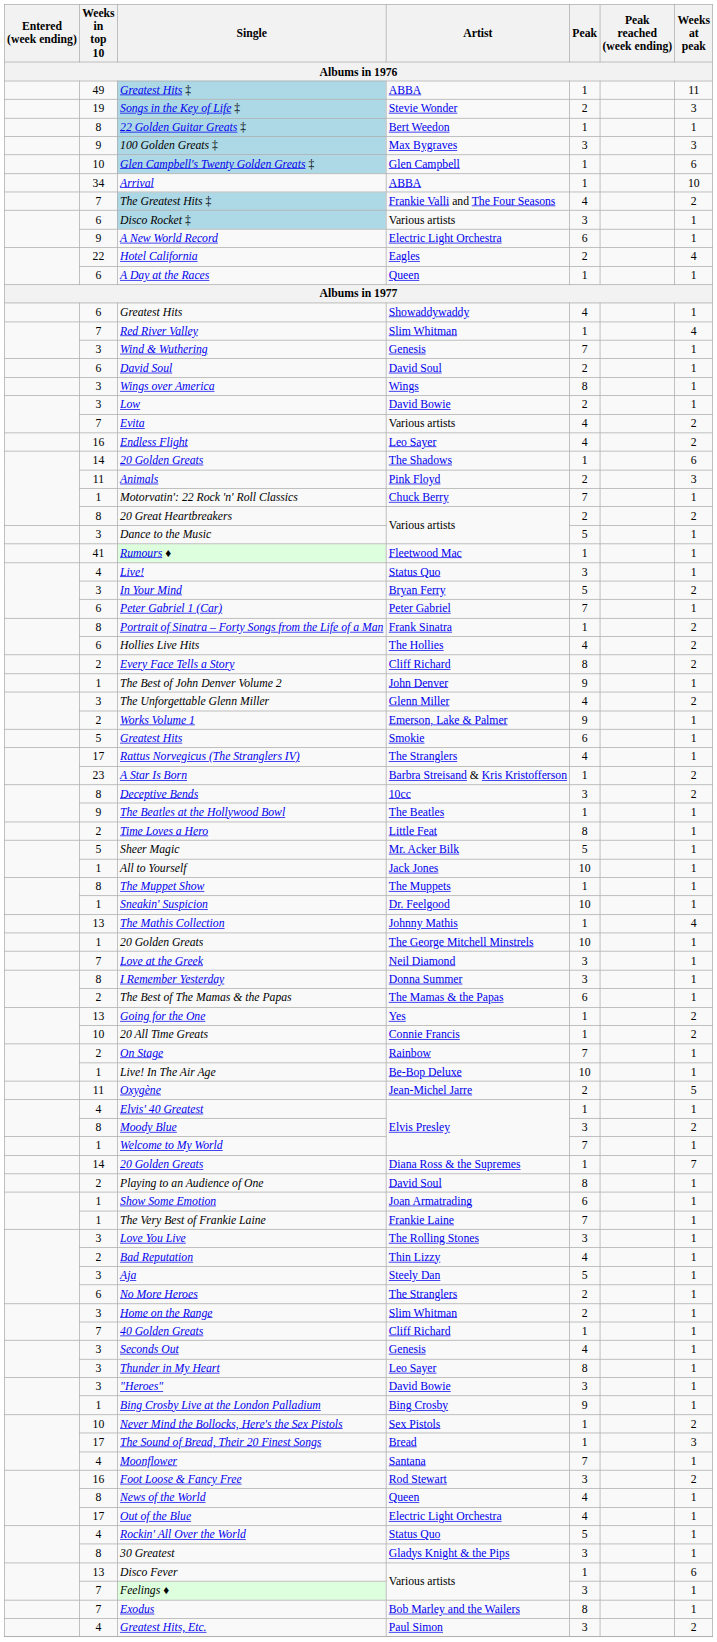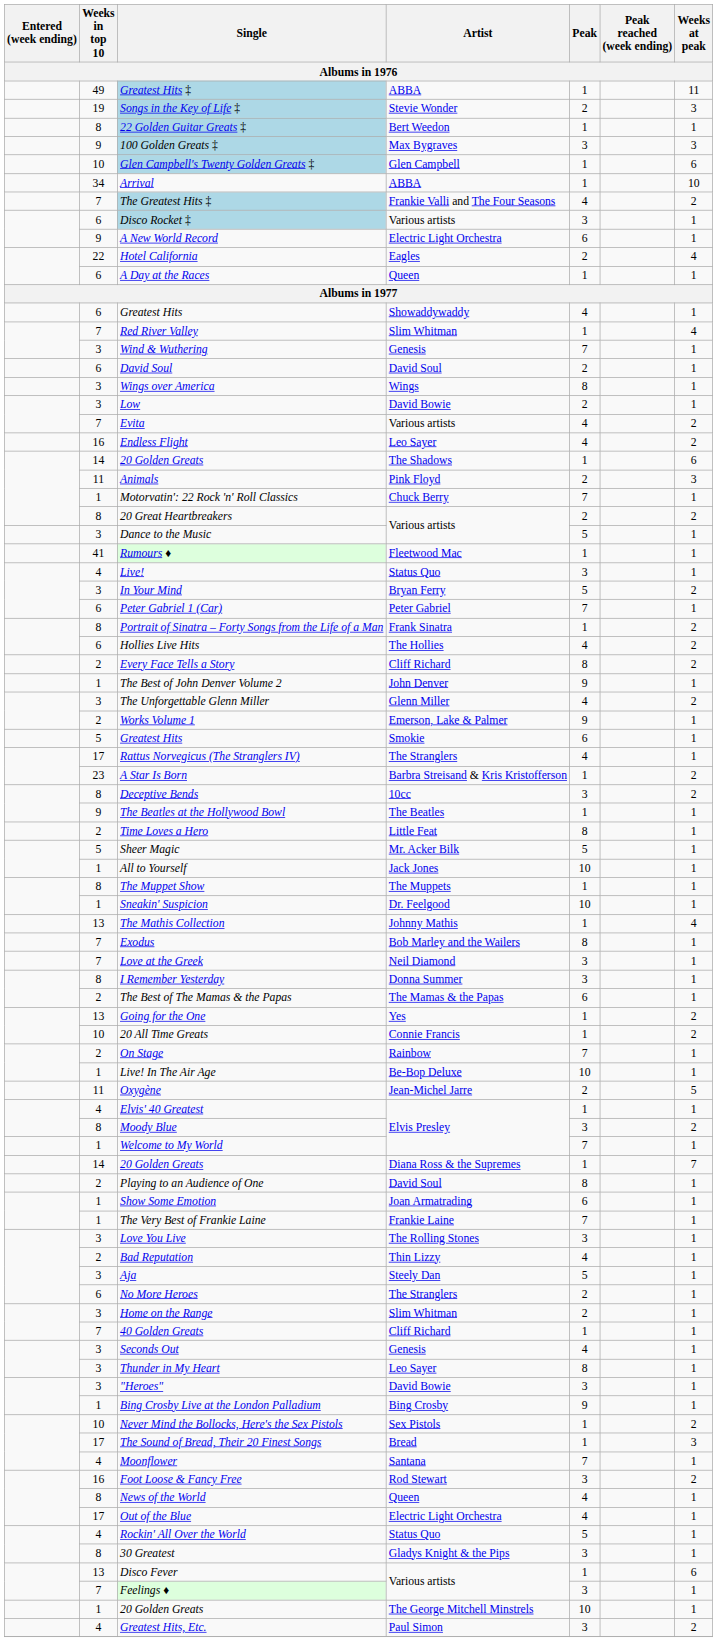 <table class="wikitable sortable" style="text-align:center;">
 <tr>
 <th>Entered <br>(week ending)</th>
 <th data-sort-type="number">Weeks<br>in<br>top<br>10</th>
 <th>Single</th>
 <th>Artist</th>
 <th data-sort-type="number">Peak</th>
 <th>Peak<br>reached <br>(week ending)</th>
 <th data-sort-type="number">Weeks<br>at<br>peak</th>
 </tr>
 <tr>
 <th colspan="7">Albums in 1976</th>
 </tr>
 <tr>
 <td></td>
 <td>49</td>
 <td align="left" bgcolor=lightblue><em><a href='#'>Greatest Hits</a></em> ‡</td>
 <td align="left"><a href='#'>ABBA</a></td>
 <td>1</td>
 <td></td>
 <td>11</td>
 </tr>
 <tr>
 <td></td>
 <td>19</td>
 <td align="left" bgcolor=lightblue><em><a href='#'>Songs in the Key of Life</a></em> ‡</td>
 <td align="left"><a href='#'>Stevie Wonder</a></td>
 <td>2</td>
 <td></td>
 <td>3</td>
 </tr>
 <tr>
 <td></td>
 <td>8</td>
 <td align="left" bgcolor=lightblue><em><a href='#'>22 Golden Guitar Greats</a></em> ‡</td>
 <td align="left"><a href='#'>Bert Weedon</a></td>
 <td>1</td>
 <td></td>
 <td>1</td>
 </tr>
 <tr>
 <td></td>
 <td>9</td>
 <td align="left" bgcolor=lightblue><em>100 Golden Greats</em> ‡</td>
 <td align="left"><a href='#'>Max Bygraves</a></td>
 <td>3</td>
 <td></td>
 <td>3</td>
 </tr>
 <tr>
 <td></td>
 <td>10</td>
 <td align="left" bgcolor=lightblue><em><a href='#'>Glen Campbell's Twenty Golden Greats</a></em> ‡</td>
 <td align="left"><a href='#'>Glen Campbell</a></td>
 <td>1</td>
 <td></td>
 <td>6</td>
 </tr>
 <tr>
 <td></td>
 <td>34</td>
 <td align="left"><em><a href='#'>Arrival</a></em></td>
 <td align="left"><a href='#'>ABBA</a></td>
 <td>1</td>
 <td></td>
 <td>10</td>
 </tr>
 <tr>
 <td></td>
 <td>7</td>
 <td align="left" bgcolor=lightblue><em>The Greatest Hits</em> ‡</td>
 <td align="left"><a href='#'>Frankie Valli</a> and <a href='#'>The Four Seasons</a></td>
 <td>4</td>
 <td></td>
 <td>2</td>
 </tr>
 <tr>
 <td rowspan="2"></td>
 <td>6</td>
 <td align="left" bgcolor=lightblue><em>Disco Rocket</em> ‡</td>
 <td align="left">Various artists</td>
 <td>3</td>
 <td></td>
 <td>1</td>
 </tr>
 <tr>
 <td>9</td>
 <td align="left"><em><a href='#'>A New World Record</a></em></td>
 <td align="left"><a href='#'>Electric Light Orchestra</a></td>
 <td>6</td>
 <td></td>
 <td>1</td>
 </tr>
 <tr>
 <td rowspan="2"></td>
 <td>22</td>
 <td align="left"><em><a href='#'>Hotel California</a></em></td>
 <td align="left"><a href='#'>Eagles</a></td>
 <td>2</td>
 <td></td>
 <td>4</td>
 </tr>
 <tr>
 <td>6</td>
 <td align="left"><em><a href='#'>A Day at the Races</a></em></td>
 <td align="left"><a href='#'>Queen</a></td>
 <td>1</td>
 <td></td>
 <td>1</td>
 </tr>
 <tr>
 <th colspan="7">Albums in 1977</th>
 </tr>
 <tr>
 <td></td>
 <td>6</td>
 <td align="left"><em>Greatest Hits</em></td>
 <td align="left"><a href='#'>Showaddywaddy</a></td>
 <td>4</td>
 <td></td>
 <td>1</td>
 </tr>
 <tr>
 <td rowspan="2"></td>
 <td>7</td>
 <td align="left"><em><a href='#'>Red River Valley</a></em></td>
 <td align="left"><a href='#'>Slim Whitman</a></td>
 <td>1</td>
 <td></td>
 <td>4</td>
 </tr>
 <tr>
 <td>3</td>
 <td align="left"><em><a href='#'>Wind & Wuthering</a></em></td>
 <td align="left"><a href='#'>Genesis</a></td>
 <td>7</td>
 <td></td>
 <td>1</td>
 </tr>
 <tr>
 <td></td>
 <td>6</td>
 <td align="left"><em><a href='#'>David Soul</a></em></td>
 <td align="left"><a href='#'>David Soul</a></td>
 <td>2</td>
 <td></td>
 <td>1</td>
 </tr>
 <tr>
 <td></td>
 <td>3</td>
 <td align="left"><em><a href='#'>Wings over America</a></em></td>
 <td align="left"><a href='#'>Wings</a></td>
 <td>8</td>
 <td></td>
 <td>1</td>
 </tr>
 <tr>
 <td rowspan="2"></td>
 <td>3</td>
 <td align="left"><em><a href='#'>Low</a></em></td>
 <td align="left"><a href='#'>David Bowie</a></td>
 <td>2</td>
 <td></td>
 <td>1</td>
 </tr>
 <tr>
 <td>7</td>
 <td align="left"><em><a href='#'>Evita</a></em></td>
 <td align="left">Various artists</td>
 <td>4</td>
 <td></td>
 <td>2</td>
 </tr>
 <tr>
 <td></td>
 <td>16</td>
 <td align="left"><em><a href='#'>Endless Flight</a></em></td>
 <td align="left"><a href='#'>Leo Sayer</a></td>
 <td>4</td>
 <td></td>
 <td>2</td>
 </tr>
 <tr>
 <td rowspan="4"></td>
 <td>14</td>
 <td align="left"><em><a href='#'>20 Golden Greats</a></em></td>
 <td align="left"><a href='#'>The Shadows</a></td>
 <td>1</td>
 <td></td>
 <td>6</td>
 </tr>
 <tr>
 <td>11</td>
 <td align="left"><em><a href='#'>Animals</a></em></td>
 <td align="left"><a href='#'>Pink Floyd</a></td>
 <td>2</td>
 <td></td>
 <td>3</td>
 </tr>
 <tr>
 <td>1</td>
 <td align="left"><em>Motorvatin': 22 Rock 'n' Roll Classics</em></td>
 <td align="left"><a href='#'>Chuck Berry</a></td>
 <td>7</td>
 <td></td>
 <td>1</td>
 </tr>
 <tr>
 <td>8</td>
 <td align="left"><em>20 Great Heartbreakers</em></td>
 <td align="left" rowspan="2">Various artists</td>
 <td>2</td>
 <td></td>
 <td>2</td>
 </tr>
 <tr>
 <td></td>
 <td>3</td>
 <td align="left"><em>Dance to the Music</em></td>
 <td>5</td>
 <td></td>
 <td>1</td>
 </tr>
 <tr>
 <td></td>
 <td>41</td>
 <td align="left" bgcolor=#DDFFDD><em><a href='#'>Rumours</a></em> ♦</td>
 <td align="left"><a href='#'>Fleetwood Mac</a></td>
 <td>1</td>
 <td></td>
 <td>1</td>
 </tr>
 <tr>
 <td rowspan="3"></td>
 <td>4</td>
 <td align="left"><em><a href='#'>Live!</a></em></td>
 <td align="left"><a href='#'>Status Quo</a></td>
 <td>3</td>
 <td></td>
 <td>1</td>
 </tr>
 <tr>
 <td>3</td>
 <td align="left"><em><a href='#'>In Your Mind</a></em></td>
 <td align="left"><a href='#'>Bryan Ferry</a></td>
 <td>5</td>
 <td></td>
 <td>2</td>
 </tr>
 <tr>
 <td>6</td>
 <td align="left"><em><a href='#'>Peter Gabriel 1 (Car)</a></em></td>
 <td align="left"><a href='#'>Peter Gabriel</a></td>
 <td>7</td>
 <td></td>
 <td>1</td>
 </tr>
 <tr>
 <td rowspan="2"></td>
 <td>8</td>
 <td align="left"><em><a href='#'>Portrait of Sinatra – Forty Songs from the Life of a Man</a></em></td>
 <td align="left"><a href='#'>Frank Sinatra</a></td>
 <td>1</td>
 <td></td>
 <td>2</td>
 </tr>
 <tr>
 <td>6</td>
 <td align="left"><em>Hollies Live Hits</em></td>
 <td align="left"><a href='#'>The Hollies</a></td>
 <td>4</td>
 <td></td>
 <td>2</td>
 </tr>
 <tr>
 <td></td>
 <td>2</td>
 <td align="left"><em><a href='#'>Every Face Tells a Story</a></em></td>
 <td align="left"><a href='#'>Cliff Richard</a></td>
 <td>8</td>
 <td></td>
 <td>2</td>
 </tr>
 <tr>
 <td></td>
 <td>1</td>
 <td align="left"><em>The Best of John Denver Volume 2</em></td>
 <td align="left"><a href='#'>John Denver</a></td>
 <td>9</td>
 <td></td>
 <td>1</td>
 </tr>
 <tr>
 <td rowspan="2"></td>
 <td>3</td>
 <td align="left"><em>The Unforgettable Glenn Miller</em></td>
 <td align="left"><a href='#'>Glenn Miller</a></td>
 <td>4</td>
 <td></td>
 <td>2</td>
 </tr>
 <tr>
 <td>2</td>
 <td align="left"><em><a href='#'>Works Volume 1</a></em></td>
 <td align="left"><a href='#'>Emerson, Lake & Palmer</a></td>
 <td>9</td>
 <td></td>
 <td>1</td>
 </tr>
 <tr>
 <td></td>
 <td>5</td>
 <td align="left"><em><a href='#'>Greatest Hits</a></em></td>
 <td align="left"><a href='#'>Smokie</a></td>
 <td>6</td>
 <td></td>
 <td>1</td>
 </tr>
 <tr>
 <td rowspan="2"></td>
 <td>17</td>
 <td align="left"><em><a href='#'>Rattus Norvegicus (The Stranglers IV)</a></em></td>
 <td align="left"><a href='#'>The Stranglers</a></td>
 <td>4</td>
 <td></td>
 <td>1</td>
 </tr>
 <tr>
 <td>23</td>
 <td align="left"><em><a href='#'>A Star Is Born</a></em></td>
 <td align="left"><a href='#'>Barbra Streisand</a> & <a href='#'>Kris Kristofferson</a></td>
 <td>1</td>
 <td></td>
 <td>2</td>
 </tr>
 <tr>
 <td rowspan="2"></td>
 <td>8</td>
 <td align="left"><em><a href='#'>Deceptive Bends</a></em></td>
 <td align="left"><a href='#'>10cc</a></td>
 <td>3</td>
 <td></td>
 <td>2</td>
 </tr>
 <tr>
 <td>9</td>
 <td align="left"><em><a href='#'>The Beatles at the Hollywood Bowl</a></em></td>
 <td align="left"><a href='#'>The Beatles</a></td>
 <td>1</td>
 <td></td>
 <td>1</td>
 </tr>
 <tr>
 <td></td>
 <td>2</td>
 <td align="left"><em><a href='#'>Time Loves a Hero</a></em></td>
 <td align="left"><a href='#'>Little Feat</a></td>
 <td>8</td>
 <td></td>
 <td>1</td>
 </tr>
 <tr>
 <td rowspan="2"></td>
 <td>5</td>
 <td align="left"><em>Sheer Magic</em></td>
 <td align="left"><a href='#'>Mr. Acker Bilk</a></td>
 <td>5</td>
 <td></td>
 <td>1</td>
 </tr>
 <tr>
 <td>1</td>
 <td align="left"><em>All to Yourself</em></td>
 <td align="left"><a href='#'>Jack Jones</a></td>
 <td>10</td>
 <td></td>
 <td>1</td>
 </tr>
 <tr>
 <td rowspan="2"></td>
 <td>8</td>
 <td align="left"><em><a href='#'>The Muppet Show</a></em></td>
 <td align="left"><a href='#'>The Muppets</a></td>
 <td>1</td>
 <td></td>
 <td>1</td>
 </tr>
 <tr>
 <td>1</td>
 <td align="left"><em><a href='#'>Sneakin' Suspicion</a></em></td>
 <td align="left"><a href='#'>Dr. Feelgood</a></td>
 <td>10</td>
 <td></td>
 <td>1</td>
 </tr>
 <tr>
 <td></td>
 <td>13</td>
 <td align="left"><em><a href='#'>The Mathis Collection</a></em></td>
 <td align="left"><a href='#'>Johnny Mathis</a></td>
 <td>1</td>
 <td></td>
 <td>4</td>
 </tr>
 <tr>
 <td></td>
-<td>1</td>
-<td align="left"><em>20 Golden Greats</em></td>
-<td align="left"><a href='#'>The George Mitchell Minstrels</a></td>
-<td>10</td>
+<td>7</td>
+<td align="left"><em><a href='#'>Exodus</a></em></td>
+<td align="left"><a href='#'>Bob Marley and the Wailers</a></td>
+<td>8</td>
 <td></td>
 <td>1</td>
 </tr>
 <tr>
 <td></td>
 <td>7</td>
 <td align="left"><em><a href='#'>Love at the Greek</a></em></td>
 <td align="left"><a href='#'>Neil Diamond</a></td>
 <td>3</td>
 <td></td>
 <td>1</td>
 </tr>
 <tr>
 <td rowspan="2"></td>
 <td>8</td>
 <td align="left"><em><a href='#'>I Remember Yesterday</a></em></td>
 <td align="left"><a href='#'>Donna Summer</a></td>
 <td>3</td>
 <td></td>
 <td>1</td>
 </tr>
 <tr>
 <td>2</td>
 <td align="left"><em>The Best of The Mamas & the Papas</em></td>
 <td align="left"><a href='#'>The Mamas & the Papas</a></td>
 <td>6</td>
 <td></td>
 <td>1</td>
 </tr>
 <tr>
 <td rowspan="2"></td>
 <td>13</td>
 <td align="left"><em><a href='#'>Going for the One</a></em></td>
 <td align="left"><a href='#'>Yes</a></td>
 <td>1</td>
 <td></td>
 <td>2</td>
 </tr>
 <tr>
 <td>10</td>
 <td align="left"><em>20 All Time Greats</em></td>
 <td align="left"><a href='#'>Connie Francis</a></td>
 <td>1</td>
 <td></td>
 <td>2</td>
 </tr>
 <tr>
 <td rowspan="2"></td>
 <td>2</td>
 <td align="left"><em><a href='#'>On Stage</a></em></td>
 <td align="left"><a href='#'>Rainbow</a></td>
 <td>7</td>
 <td></td>
 <td>1</td>
 </tr>
 <tr>
 <td>1</td>
 <td align="left"><em>Live! In The Air Age</em></td>
 <td align="left"><a href='#'>Be-Bop Deluxe</a></td>
 <td>10</td>
 <td></td>
 <td>1</td>
 </tr>
 <tr>
 <td></td>
 <td>11</td>
 <td align="left"><em><a href='#'>Oxygène</a></em></td>
 <td align="left"><a href='#'>Jean-Michel Jarre</a></td>
 <td>2</td>
 <td></td>
 <td>5</td>
 </tr>
 <tr>
 <td rowspan="2"></td>
 <td>4</td>
 <td align="left"><em><a href='#'>Elvis' 40 Greatest</a></em></td>
 <td align="left" rowspan="3"><a href='#'>Elvis Presley</a></td>
 <td>1</td>
 <td></td>
 <td>1</td>
 </tr>
 <tr>
 <td>8</td>
 <td align="left"><em><a href='#'>Moody Blue</a></em></td>
 <td>3</td>
 <td></td>
 <td>2</td>
 </tr>
 <tr>
 <td></td>
 <td>1</td>
 <td align="left"><em><a href='#'>Welcome to My World</a></em></td>
 <td>7</td>
 <td></td>
 <td>1</td>
 </tr>
 <tr>
 <td></td>
 <td>14</td>
 <td align="left"><em><a href='#'>20 Golden Greats</a></em></td>
 <td align="left"><a href='#'>Diana Ross & the Supremes</a></td>
 <td>1</td>
 <td></td>
 <td>7</td>
 </tr>
 <tr>
 <td></td>
 <td>2</td>
 <td align="left"><em>Playing to an Audience of One</em></td>
 <td align="left"><a href='#'>David Soul</a></td>
 <td>8</td>
 <td></td>
 <td>1</td>
 </tr>
 <tr>
 <td rowspan="2"></td>
 <td>1</td>
 <td align="left"><em><a href='#'>Show Some Emotion</a></em></td>
 <td align="left"><a href='#'>Joan Armatrading</a></td>
 <td>6</td>
 <td></td>
 <td>1</td>
 </tr>
 <tr>
 <td>1</td>
 <td align="left"><em>The Very Best of Frankie Laine</em></td>
 <td align="left"><a href='#'>Frankie Laine</a></td>
 <td>7</td>
 <td></td>
 <td>1</td>
 </tr>
 <tr>
 <td rowspan="4"></td>
 <td>3</td>
 <td align="left"><em><a href='#'>Love You Live</a></em></td>
 <td align="left"><a href='#'>The Rolling Stones</a></td>
 <td>3</td>
 <td></td>
 <td>1</td>
 </tr>
 <tr>
 <td>2</td>
 <td align="left"><em><a href='#'>Bad Reputation</a></em></td>
 <td align="left"><a href='#'>Thin Lizzy</a></td>
 <td>4</td>
 <td></td>
 <td>1</td>
 </tr>
 <tr>
 <td>3</td>
 <td align="left"><em><a href='#'>Aja</a></em></td>
 <td align="left"><a href='#'>Steely Dan</a></td>
 <td>5</td>
 <td></td>
 <td>1</td>
 </tr>
 <tr>
 <td>6</td>
 <td align="left"><em><a href='#'>No More Heroes</a></em></td>
 <td align="left"><a href='#'>The Stranglers</a></td>
 <td>2</td>
 <td></td>
 <td>1</td>
 </tr>
 <tr>
 <td rowspan="2"></td>
 <td>3</td>
 <td align="left"><em><a href='#'>Home on the Range</a></em></td>
 <td align="left"><a href='#'>Slim Whitman</a></td>
 <td>2</td>
 <td></td>
 <td>1</td>
 </tr>
 <tr>
 <td>7</td>
 <td align="left"><em><a href='#'>40 Golden Greats</a></em></td>
 <td align="left"><a href='#'>Cliff Richard</a></td>
 <td>1</td>
 <td></td>
 <td>1</td>
 </tr>
 <tr>
 <td rowspan="2"></td>
 <td>3</td>
 <td align="left"><em><a href='#'>Seconds Out</a></em></td>
 <td align="left"><a href='#'>Genesis</a></td>
 <td>4</td>
 <td></td>
 <td>1</td>
 </tr>
 <tr>
 <td>3</td>
 <td align="left"><em><a href='#'>Thunder in My Heart</a></em></td>
 <td align="left"><a href='#'>Leo Sayer</a></td>
 <td>8</td>
 <td></td>
 <td>1</td>
 </tr>
 <tr>
 <td rowspan="2"></td>
 <td>3</td>
 <td align="left"><em><a href='#'>"Heroes"</a></em></td>
 <td align="left"><a href='#'>David Bowie</a></td>
 <td>3</td>
 <td></td>
 <td>1</td>
 </tr>
 <tr>
 <td>1</td>
 <td align="left"><em><a href='#'>Bing Crosby Live at the London Palladium</a></em></td>
 <td align="left"><a href='#'>Bing Crosby</a></td>
 <td>9</td>
 <td></td>
 <td>1</td>
 </tr>
 <tr>
 <td rowspan="3"></td>
 <td>10</td>
 <td align="left"><em><a href='#'>Never Mind the Bollocks, Here's the Sex Pistols</a></em></td>
 <td align="left"><a href='#'>Sex Pistols</a></td>
 <td>1</td>
 <td></td>
 <td>2</td>
 </tr>
 <tr>
 <td>17</td>
 <td align="left"><em><a href='#'>The Sound of Bread, Their 20 Finest Songs</a></em></td>
 <td align="left"><a href='#'>Bread</a></td>
 <td>1</td>
 <td></td>
 <td>3</td>
 </tr>
 <tr>
 <td>4</td>
 <td align="left"><em><a href='#'>Moonflower</a></em></td>
 <td align="left"><a href='#'>Santana</a></td>
 <td>7</td>
 <td></td>
 <td>1</td>
 </tr>
 <tr>
 <td rowspan="3"></td>
 <td>16</td>
 <td align="left"><em><a href='#'>Foot Loose & Fancy Free</a></em></td>
 <td align="left"><a href='#'>Rod Stewart</a></td>
 <td>3</td>
 <td></td>
 <td>2</td>
 </tr>
 <tr>
 <td>8</td>
 <td align="left"><em><a href='#'>News of the World</a></em></td>
 <td align="left"><a href='#'>Queen</a></td>
 <td>4</td>
 <td></td>
 <td>1</td>
 </tr>
 <tr>
 <td>17</td>
 <td align="left"><em><a href='#'>Out of the Blue</a></em></td>
 <td align="left"><a href='#'>Electric Light Orchestra</a></td>
 <td>4</td>
 <td></td>
 <td>1</td>
 </tr>
 <tr>
 <td rowspan="2"></td>
 <td>4</td>
 <td align="left"><em><a href='#'>Rockin' All Over the World</a></em></td>
 <td align="left"><a href='#'>Status Quo</a></td>
 <td>5</td>
 <td></td>
 <td>1</td>
 </tr>
 <tr>
 <td>8</td>
 <td align="left"><em>30 Greatest</em></td>
 <td align="left"><a href='#'>Gladys Knight & the Pips</a></td>
 <td>3</td>
 <td></td>
 <td>1</td>
 </tr>
 <tr>
 <td rowspan="2"></td>
 <td>13</td>
 <td align="left"><em>Disco Fever</em></td>
 <td align="left" rowspan="2">Various artists</td>
 <td>1</td>
 <td></td>
 <td>6</td>
 </tr>
 <tr>
 <td>7</td>
 <td align="left" bgcolor=#DDFFDD><em>Feelings</em> ♦</td>
 <td>3</td>
 <td></td>
 <td>1</td>
 </tr>
 <tr>
 <td></td>
-<td>7</td>
-<td align="left"><em><a href='#'>Exodus</a></em></td>
-<td align="left"><a href='#'>Bob Marley and the Wailers</a></td>
-<td>8</td>
+<td>1</td>
+<td align="left"><em>20 Golden Greats</em></td>
+<td align="left"><a href='#'>The George Mitchell Minstrels</a></td>
+<td>10</td>
 <td></td>
 <td>1</td>
 </tr>
 <tr>
 <td></td>
 <td>4</td>
 <td align="left"><em><a href='#'>Greatest Hits, Etc.</a></em></td>
 <td align="left"><a href='#'>Paul Simon</a></td>
 <td>3</td>
 <td></td>
 <td>2</td>
 </tr>
 <tr>
 </tr>
 </table>
